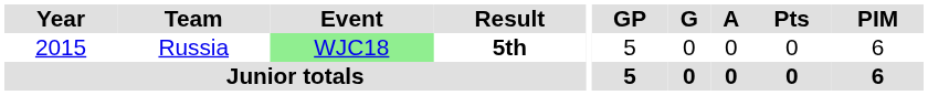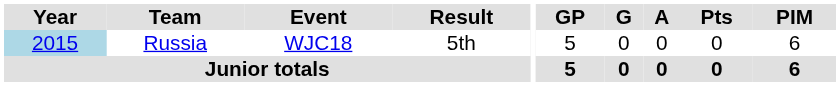 <table border="0" cellpadding="1" cellspacing="0" ID="Table3" style="text-align:center; width:40em">
 <tr ALIGN="center" bgcolor="#e0e0e0">
 <th>Year</th>
 <th>Team</th>
 <th>Event</th>
 <th>Result</th>
 <th rowspan="99" bgcolor="#ffffff"></th>
 <th>GP</th>
 <th>G</th>
 <th>A</th>
 <th>Pts</th>
 <th>PIM</th>
 </tr>
 <tr>
-<td><a href='#'>2015</a></td>
+<td style="background: lightblue;"><a href='#'>2015</a></td>
 <td><a href='#'>Russia</a></td>
-<td style="background: lightgreen;"><a href='#'>WJC18</a></td>
-<td><strong>5th</strong></td>
+<td><a href='#'>WJC18</a></td>
+<td>5th</td>
 <td>5</td>
 <td>0</td>
 <td>0</td>
 <td>0</td>
 <td>6</td>
 </tr>
 <tr bgcolor="#e0e0e0">
 <th colspan="4">Junior totals</th>
 <th>5</th>
 <th>0</th>
 <th>0</th>
 <th>0</th>
 <th>6</th>
 </tr>
 </table>
